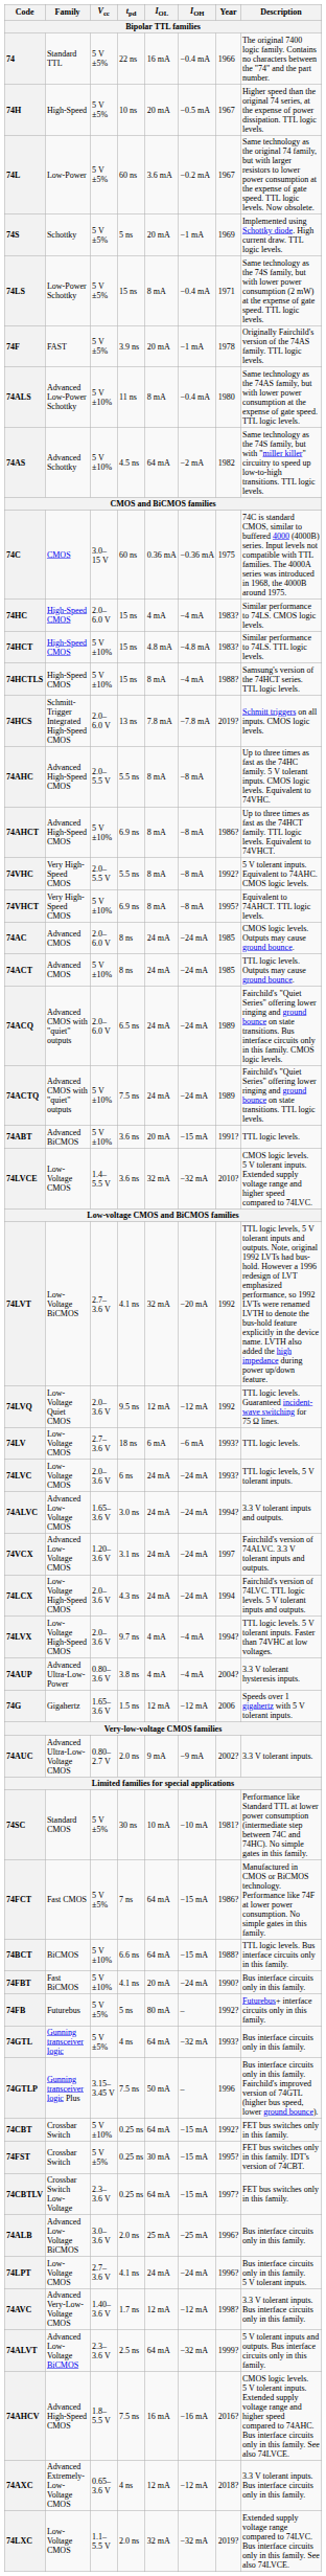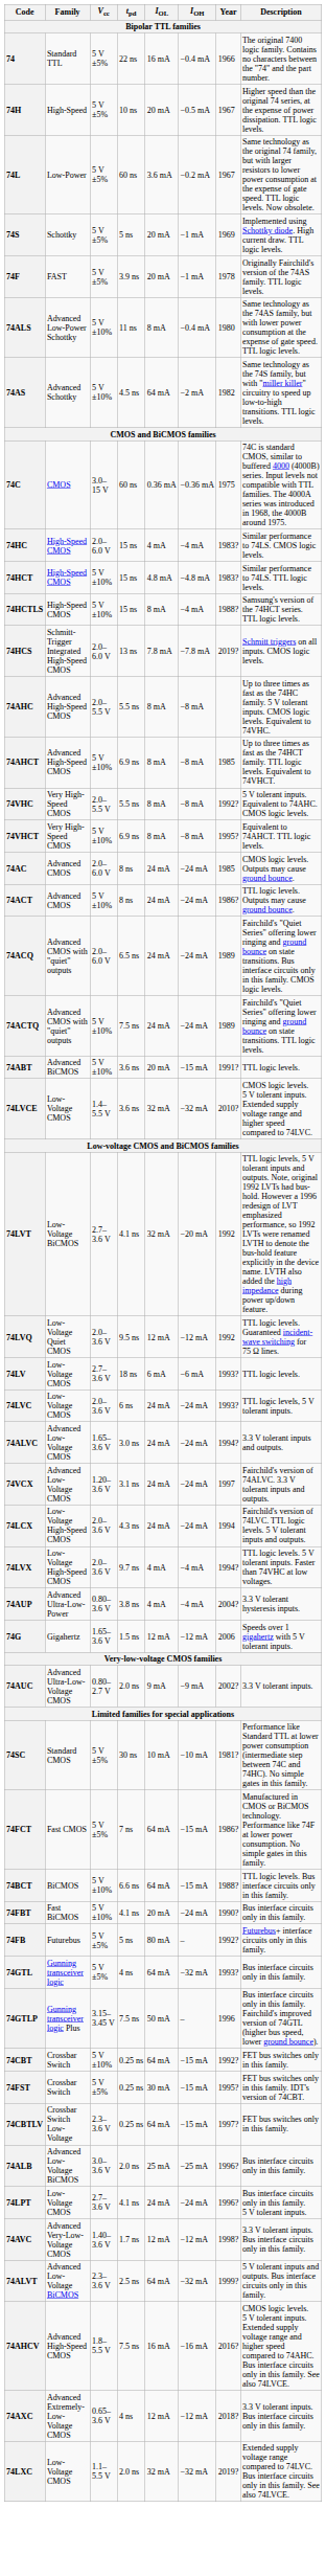 <table class="wikitable sortable">
 <tr>
 <th>Code</th>
 <th>Family</th>
 <th><em>V</em><sub>cc</sub></th>
 <th><em>t</em><sub>pd</sub></th>
 <th><em>I</em><sub>OL</sub></th>
 <th><em>I</em><sub>OH</sub></th>
 <th>Year</th>
 <th>Description</th>
 </tr>
 <tr>
 <th colspan=8>Bipolar TTL families</th>
 </tr>
 <tr>
 <th style="text-align:left">74</th>
 <td>Standard TTL</td>
 <td>5 V ±5%</td>
 <td>22 ns</td>
 <td>16 mA</td>
 <td>−0.4 mA</td>
 <td>1966</td>
 <td>The original 7400 logic family. Contains no characters between the "74" and the part number.</td>
 </tr>
 <tr>
 <th style="text-align:left">74H</th>
 <td>High-Speed</td>
 <td>5 V ±5%</td>
 <td>10 ns</td>
 <td>20 mA</td>
 <td>−0.5 mA</td>
 <td>1967</td>
 <td>Higher speed than the original 74 series, at the expense of power dissipation. TTL logic levels.</td>
 </tr>
 <tr>
 <th style="text-align:left">74L</th>
 <td>Low-Power</td>
 <td>5 V ±5%</td>
 <td>60 ns</td>
 <td>3.6 mA</td>
 <td>−0.2 mA</td>
 <td>1967</td>
 <td>Same technology as the original 74 family, but with larger resistors to lower power consumption at the expense of gate speed. TTL logic levels. Now obsolete.</td>
 </tr>
 <tr>
 <th style="text-align:left">74S</th>
 <td>Schottky</td>
 <td>5 V ±5%</td>
 <td>5 ns</td>
 <td>20 mA</td>
 <td>−1 mA</td>
 <td>1969</td>
 <td>Implemented using <a href='#'>Schottky diode</a>. High current draw. TTL logic levels.</td>
-</tr>
-<tr>
-<th style="text-align:left">74LS</th>
-<td>Low-Power Schottky</td>
-<td>5 V ±5%</td>
-<td>15 ns</td>
-<td>8 mA</td>
-<td>−0.4 mA</td>
-<td>1971</td>
-<td>Same technology as the 74S family, but with lower power consumption (2 mW) at the expense of gate speed. TTL logic levels.</td>
 </tr>
 <tr>
 <th style="text-align:left">74F</th>
 <td>FAST</td>
 <td>5 V ±5%</td>
 <td>3.9 ns</td>
 <td>20 mA</td>
 <td>−1 mA</td>
 <td>1978</td>
 <td>Originally Fairchild's version of the 74AS family. TTL logic levels.</td>
 </tr>
 <tr>
 <th style="text-align:left">74ALS</th>
 <td>Advanced Low-Power Schottky</td>
 <td>5 V ±10%</td>
 <td>11 ns</td>
 <td>8 mA</td>
 <td>−0.4 mA</td>
 <td>1980</td>
 <td>Same technology as the 74AS family, but with lower power consumption at the expense of gate speed. TTL logic levels.</td>
 </tr>
 <tr>
 <th style="text-align:left">74AS</th>
 <td>Advanced Schottky</td>
 <td>5 V ±10%</td>
 <td>4.5 ns</td>
 <td>64 mA</td>
 <td>−2 mA</td>
 <td>1982</td>
 <td>Same technology as the 74S family, but with "<a href='#'>miller killer</a>" circuitry to speed up low-to-high transitions. TTL logic levels.</td>
 </tr>
 <tr>
 <th colspan=8>CMOS and BiCMOS families</th>
 </tr>
 <tr>
 <th style="text-align:left">74C</th>
 <td><a href='#'>CMOS</a></td>
 <td>3.0–15 V</td>
 <td>60 ns</td>
 <td>0.36 mA</td>
 <td>−0.36 mA</td>
 <td>1975</td>
 <td>74C is standard CMOS, similar to buffered <a href='#'>4000</a> (4000B) series. Input levels not compatible with TTL families. The 4000A series was introduced in 1968, the 4000B around 1975.</td>
 </tr>
 <tr>
 <th style="text-align:left">74HC</th>
 <td><a href='#'>High-Speed CMOS</a></td>
 <td>2.0–6.0 V</td>
 <td>15 ns</td>
 <td>4 mA</td>
 <td>−4 mA</td>
 <td>1983?</td>
 <td>Similar performance to 74LS. CMOS logic levels.</td>
 </tr>
 <tr>
 <th style="text-align:left">74HCT</th>
 <td><a href='#'>High-Speed CMOS</a></td>
 <td>5 V ±10%</td>
 <td>15 ns</td>
 <td>4.8 mA</td>
 <td>−4.8 mA</td>
 <td>1983?</td>
 <td>Similar performance to 74LS. TTL logic levels.</td>
 </tr>
 <tr>
 <th style="text-align:left">74HCTLS</th>
 <td>High-Speed CMOS</td>
 <td>5 V ±10%</td>
 <td>15 ns</td>
 <td>8 mA</td>
 <td>−4 mA</td>
 <td>1988?</td>
 <td>Samsung's version of the 74HCT series. TTL logic levels.</td>
 </tr>
 <tr>
 <th style="text-align:left">74HCS</th>
 <td>Schmitt-Trigger Integrated High-Speed CMOS</td>
 <td>2.0–6.0 V</td>
 <td>13 ns</td>
 <td>7.8 mA</td>
 <td>−7.8 mA</td>
 <td>2019?</td>
 <td><a href='#'>Schmitt triggers</a> on all inputs. CMOS logic levels.</td>
 </tr>
 <tr>
 <th style="text-align:left">74AHC</th>
 <td>Advanced High-Speed CMOS</td>
 <td>2.0–5.5 V</td>
 <td>5.5 ns</td>
 <td>8 mA</td>
 <td>−8 mA</td>
 <td></td>
 <td>Up to three times as fast as the 74HC family. 5 V tolerant inputs. CMOS logic levels. Equivalent to 74VHC.</td>
 </tr>
 <tr>
 <th style="text-align:left">74AHCT</th>
 <td>Advanced High-Speed CMOS</td>
 <td>5 V ±10%</td>
 <td>6.9 ns</td>
 <td>8 mA</td>
 <td>−8 mA</td>
-<td>1986?</td>
+<td>1985</td>
 <td>Up to three times as fast as the 74HCT family. TTL logic levels. Equivalent to 74VHCT.</td>
 </tr>
 <tr>
 <th style="text-align:left">74VHC</th>
 <td>Very High-Speed CMOS</td>
 <td>2.0–5.5 V</td>
 <td>5.5 ns</td>
 <td>8 mA</td>
 <td>−8 mA</td>
 <td>1992?</td>
 <td>5 V tolerant inputs. Equivalent to 74AHC. CMOS logic levels.</td>
 </tr>
 <tr>
 <th style="text-align:left">74VHCT</th>
 <td>Very High-Speed CMOS</td>
 <td>5 V ±10%</td>
 <td>6.9 ns</td>
 <td>8 mA</td>
 <td>−8 mA</td>
 <td>1995?</td>
 <td>Equivalent to 74AHCT. TTL logic levels.</td>
 </tr>
 <tr>
 <th style="text-align:left">74AC</th>
 <td>Advanced CMOS</td>
 <td>2.0–6.0 V</td>
 <td>8 ns</td>
 <td>24 mA</td>
 <td>−24 mA</td>
 <td>1985</td>
 <td>CMOS logic levels. Outputs may cause <a href='#'>ground bounce</a>.</td>
 </tr>
 <tr>
 <th style="text-align:left">74ACT</th>
 <td>Advanced CMOS</td>
 <td>5 V ±10%</td>
 <td>8 ns</td>
 <td>24 mA</td>
 <td>−24 mA</td>
-<td>1985</td>
+<td>1986?</td>
 <td>TTL logic levels. Outputs may cause <a href='#'>ground bounce</a>.</td>
 </tr>
 <tr>
 <th style="text-align:left">74ACQ</th>
 <td>Advanced CMOS with "quiet" outputs</td>
 <td>2.0–6.0 V</td>
 <td>6.5 ns</td>
 <td>24 mA</td>
 <td>−24 mA</td>
 <td>1989</td>
 <td>Fairchild's "Quiet Series" offering lower ringing and <a href='#'>ground bounce</a> on state transitions. Bus interface circuits only in this family. CMOS logic levels.</td>
 </tr>
 <tr>
 <th style="text-align:left">74ACTQ</th>
 <td>Advanced CMOS with "quiet" outputs</td>
 <td>5 V ±10%</td>
 <td>7.5 ns</td>
 <td>24 mA</td>
 <td>−24 mA</td>
 <td>1989</td>
 <td>Fairchild's "Quiet Series" offering lower ringing and <a href='#'>ground bounce</a> on state transitions. TTL logic levels.</td>
 </tr>
 <tr>
 <th style="text-align:left">74ABT</th>
 <td>Advanced BiCMOS</td>
 <td>5 V ±10%</td>
 <td>3.6 ns</td>
 <td>20 mA</td>
 <td>−15 mA</td>
 <td>1991?</td>
 <td>TTL logic levels.</td>
 </tr>
 <tr>
 <th style="text-align:left">74LVCE</th>
 <td>Low-Voltage CMOS</td>
 <td>1.4–5.5 V</td>
 <td>3.6 ns</td>
 <td>32 mA</td>
 <td>−32 mA</td>
 <td>2010?</td>
 <td>CMOS logic levels. 5 V tolerant inputs. Extended supply voltage range and higher speed compared to 74LVC.</td>
 </tr>
 <tr>
 <th colspan=8>Low-voltage CMOS and BiCMOS families</th>
 </tr>
 <tr>
 <th style="text-align:left">74LVT</th>
 <td>Low-Voltage BiCMOS</td>
 <td>2.7–3.6 V</td>
 <td>4.1 ns</td>
 <td>32 mA</td>
 <td>−20 mA</td>
 <td>1992</td>
 <td>TTL logic levels, 5 V tolerant inputs and outputs. Note, original 1992 LVTs had bus-hold. However a 1996 redesign of LVT emphasized performance, so 1992 LVTs were renamed LVTH to denote the bus-hold feature explicitly in the device name. LVTH also added the <a href='#'>high impedance</a> during power up/down feature.</td>
 </tr>
 <tr>
 <th style="text-align:left">74LVQ</th>
 <td>Low-Voltage Quiet CMOS</td>
 <td>2.0–3.6 V</td>
 <td>9.5 ns</td>
 <td>12 mA</td>
 <td>−12 mA</td>
 <td>1992</td>
 <td>TTL logic levels. Guaranteed <a href='#'>incident-wave switching</a> for 75 Ω lines.</td>
 </tr>
 <tr>
 <th style="text-align:left">74LV</th>
 <td>Low-Voltage CMOS</td>
 <td>2.7–3.6 V</td>
 <td>18 ns</td>
 <td>6 mA</td>
 <td>−6 mA</td>
 <td>1993?</td>
 <td>TTL logic levels.</td>
 </tr>
 <tr>
 <th style="text-align:left">74LVC</th>
 <td>Low-Voltage CMOS</td>
 <td>2.0–3.6 V</td>
 <td>6 ns</td>
 <td>24 mA</td>
 <td>−24 mA</td>
 <td>1993?</td>
 <td>TTL logic levels, 5 V tolerant inputs.</td>
 </tr>
 <tr>
 <th style="text-align:left">74ALVC</th>
 <td>Advanced Low-Voltage CMOS</td>
 <td>1.65–3.6 V</td>
 <td>3.0 ns</td>
 <td>24 mA</td>
 <td>−24 mA</td>
 <td>1994?</td>
 <td>3.3 V tolerant inputs and outputs.</td>
 </tr>
 <tr>
 <th style="text-align:left">74VCX</th>
 <td>Advanced Low-Voltage CMOS</td>
 <td>1.20–3.6 V</td>
 <td>3.1 ns</td>
 <td>24 mA</td>
 <td>−24 mA</td>
 <td>1997</td>
 <td>Fairchild's version of 74ALVC. 3.3 V tolerant inputs and outputs.</td>
 </tr>
 <tr>
 <th style="text-align:left">74LCX</th>
 <td>Low-Voltage High-Speed CMOS</td>
 <td>2.0–3.6 V</td>
 <td>4.3 ns</td>
 <td>24 mA</td>
 <td>−24 mA</td>
 <td>1994</td>
 <td>Fairchild's version of 74LVC. TTL logic levels. 5 V tolerant inputs and outputs.</td>
 </tr>
 <tr>
 <th style="text-align:left">74LVX</th>
 <td>Low-Voltage High-Speed CMOS</td>
 <td>2.0–3.6 V</td>
 <td>9.7 ns</td>
 <td>4 mA</td>
 <td>−4 mA</td>
 <td>1994?</td>
 <td>TTL logic levels. 5 V tolerant inputs. Faster than 74VHC at low voltages.</td>
 </tr>
 <tr>
 <th style="text-align:left">74AUP</th>
 <td>Advanced Ultra-Low-Power</td>
 <td>0.80–3.6 V</td>
 <td>3.8 ns</td>
 <td>4 mA</td>
 <td>−4 mA</td>
 <td>2004?</td>
 <td>3.3 V tolerant hysteresis inputs.</td>
 </tr>
 <tr>
 <th style="text-align:left">74G</th>
 <td>Gigahertz</td>
 <td>1.65–3.6 V</td>
 <td>1.5 ns</td>
 <td>12 mA</td>
 <td>−12 mA</td>
 <td>2006</td>
 <td>Speeds over 1 <a href='#'>gigahertz</a> with 5 V tolerant inputs.</td>
 </tr>
 <tr>
 <th colspan=8>Very-low-voltage CMOS families</th>
 </tr>
 <tr>
 <th style="text-align:left">74AUC</th>
 <td>Advanced Ultra-Low-Voltage CMOS</td>
 <td>0.80–2.7 V</td>
 <td>2.0 ns</td>
 <td>9 mA</td>
 <td>−9 mA</td>
 <td>2002?</td>
 <td>3.3 V tolerant inputs.</td>
 </tr>
 <tr>
 <th colspan=8>Limited families for special applications</th>
 </tr>
 <tr>
 <th style="text-align:left">74SC</th>
 <td>Standard CMOS</td>
 <td>5 V ±5%</td>
 <td>30 ns</td>
 <td>10 mA</td>
 <td>−10 mA</td>
 <td>1981?</td>
 <td>Performance like Standard TTL at lower power consumption (intermediate step between 74C and 74HC). No simple gates in this family.</td>
 </tr>
 <tr>
 <th style="text-align:left">74FCT</th>
 <td>Fast CMOS</td>
 <td>5 V ±5%</td>
 <td>7 ns</td>
 <td>64 mA</td>
 <td>−15 mA</td>
 <td>1986?</td>
 <td>Manufactured in CMOS or BiCMOS technology. Performance like 74F at lower power consumption. No simple gates in this family.</td>
 </tr>
 <tr>
 <th style="text-align:left">74BCT</th>
 <td>BiCMOS</td>
 <td>5 V ±10%</td>
 <td>6.6 ns</td>
 <td>64 mA</td>
 <td>−15 mA</td>
 <td>1988?</td>
 <td>TTL logic levels. Bus interface circuits only in this family.</td>
 </tr>
 <tr>
 <th style="text-align:left">74FBT</th>
 <td>Fast BiCMOS</td>
 <td>5 V ±10%</td>
 <td>4.1 ns</td>
 <td>20 mA</td>
 <td>−24 mA</td>
 <td>1990?</td>
 <td>Bus interface circuits only in this family.</td>
 </tr>
 <tr>
 <th style="text-align:left">74FB</th>
 <td>Futurebus</td>
 <td>5 V ±5%</td>
 <td>5 ns</td>
 <td>80 mA</td>
 <td>– </td>
 <td>1992?</td>
 <td><a href='#'>Futurebus</a>+ interface circuits only in this family.</td>
 </tr>
 <tr>
 <th style="text-align:left">74GTL</th>
 <td><a href='#'>Gunning transceiver logic</a></td>
 <td>5 V ±5%</td>
 <td>4 ns</td>
 <td>64 mA</td>
 <td>−32 mA</td>
 <td>1993?</td>
 <td>Bus interface circuits only in this family.</td>
 </tr>
 <tr>
 <th style="text-align:left">74GTLP</th>
 <td><a href='#'>Gunning transceiver logic</a> Plus</td>
 <td>3.15–3.45 V</td>
 <td>7.5 ns</td>
 <td>50 mA</td>
 <td>– </td>
 <td>1996</td>
 <td>Bus interface circuits only in this family. Fairchild's improved version of 74GTL (higher bus speed, lower <a href='#'>ground bounce</a>).</td>
 </tr>
 <tr>
 <th style="text-align:left">74CBT</th>
 <td>Crossbar Switch</td>
 <td>5 V ±10%</td>
 <td>0.25 ns</td>
 <td>64 mA</td>
 <td>−15 mA</td>
 <td>1992?</td>
 <td>FET bus switches only in this family.</td>
 </tr>
 <tr>
 <th style="text-align:left">74FST</th>
 <td>Crossbar Switch</td>
 <td>5 V ±5%</td>
 <td>0.25 ns</td>
 <td>30 mA</td>
 <td>−15 mA</td>
 <td>1995?</td>
 <td>FET bus switches only in this family. IDT's version of 74CBT.</td>
 </tr>
 <tr>
 <th style="text-align:left">74CBTLV</th>
 <td>Crossbar Switch Low-Voltage</td>
 <td>2.3–3.6 V</td>
 <td>0.25 ns</td>
 <td>64 mA</td>
 <td>−15 mA</td>
 <td>1997?</td>
 <td>FET bus switches only in this family.</td>
 </tr>
 <tr>
 <th style="text-align:left">74ALB</th>
 <td>Advanced Low-Voltage BiCMOS</td>
 <td>3.0–3.6 V</td>
 <td>2.0 ns</td>
 <td>25 mA</td>
 <td>−25 mA</td>
 <td>1996?</td>
 <td>Bus interface circuits only in this family.</td>
 </tr>
 <tr>
 <th style="text-align:left">74LPT</th>
 <td>Low-Voltage CMOS</td>
 <td>2.7–3.6 V</td>
 <td>4.1 ns</td>
 <td>24 mA</td>
 <td>−24 mA</td>
 <td>1996?</td>
 <td>Bus interface circuits only in this family. 5 V tolerant inputs.</td>
 </tr>
 <tr>
 <th style="text-align:left">74AVC</th>
 <td>Advanced Very-Low-Voltage CMOS</td>
 <td>1.40–3.6 V</td>
 <td>1.7 ns</td>
 <td>12 mA</td>
 <td>−12 mA</td>
 <td>1998?</td>
 <td>3.3 V tolerant inputs. Bus interface circuits only in this family.</td>
 </tr>
 <tr>
 <th style="text-align:left">74ALVT</th>
 <td>Advanced Low-Voltage <a href='#'>BiCMOS</a></td>
 <td>2.3–3.6 V</td>
 <td>2.5 ns</td>
 <td>64 mA</td>
 <td>−32 mA</td>
 <td>1999?</td>
 <td>5 V tolerant inputs and outputs. Bus interface circuits only in this family.</td>
 </tr>
 <tr>
 <th style="text-align:left">74AHCV</th>
 <td>Advanced High-Speed CMOS</td>
 <td>1.8–5.5 V</td>
 <td>7.5 ns</td>
 <td>16 mA</td>
 <td>−16 mA</td>
 <td>2016?</td>
 <td>CMOS logic levels. 5 V tolerant inputs. Extended supply voltage range and higher speed compared to 74AHC. Bus interface circuits only in this family. See also 74LVCE.</td>
 </tr>
 <tr>
 <th style="text-align:left">74AXC</th>
 <td>Advanced Extremely-Low-Voltage CMOS</td>
 <td>0.65–3.6 V</td>
 <td>4 ns</td>
 <td>12 mA</td>
 <td>−12 mA</td>
 <td>2018?</td>
 <td>3.3 V tolerant inputs. Bus interface circuits only in this family.</td>
 </tr>
 <tr>
 <th style="text-align:left">74LXC</th>
 <td>Low-Voltage CMOS</td>
 <td>1.1–5.5 V</td>
 <td>2.0 ns</td>
 <td>32 mA</td>
 <td>−32 mA</td>
 <td>2019?</td>
 <td>Extended supply voltage range compared to 74LVC. Bus interface circuits only in this family. See also 74LVCE.</td>
 </tr>
 </table>
